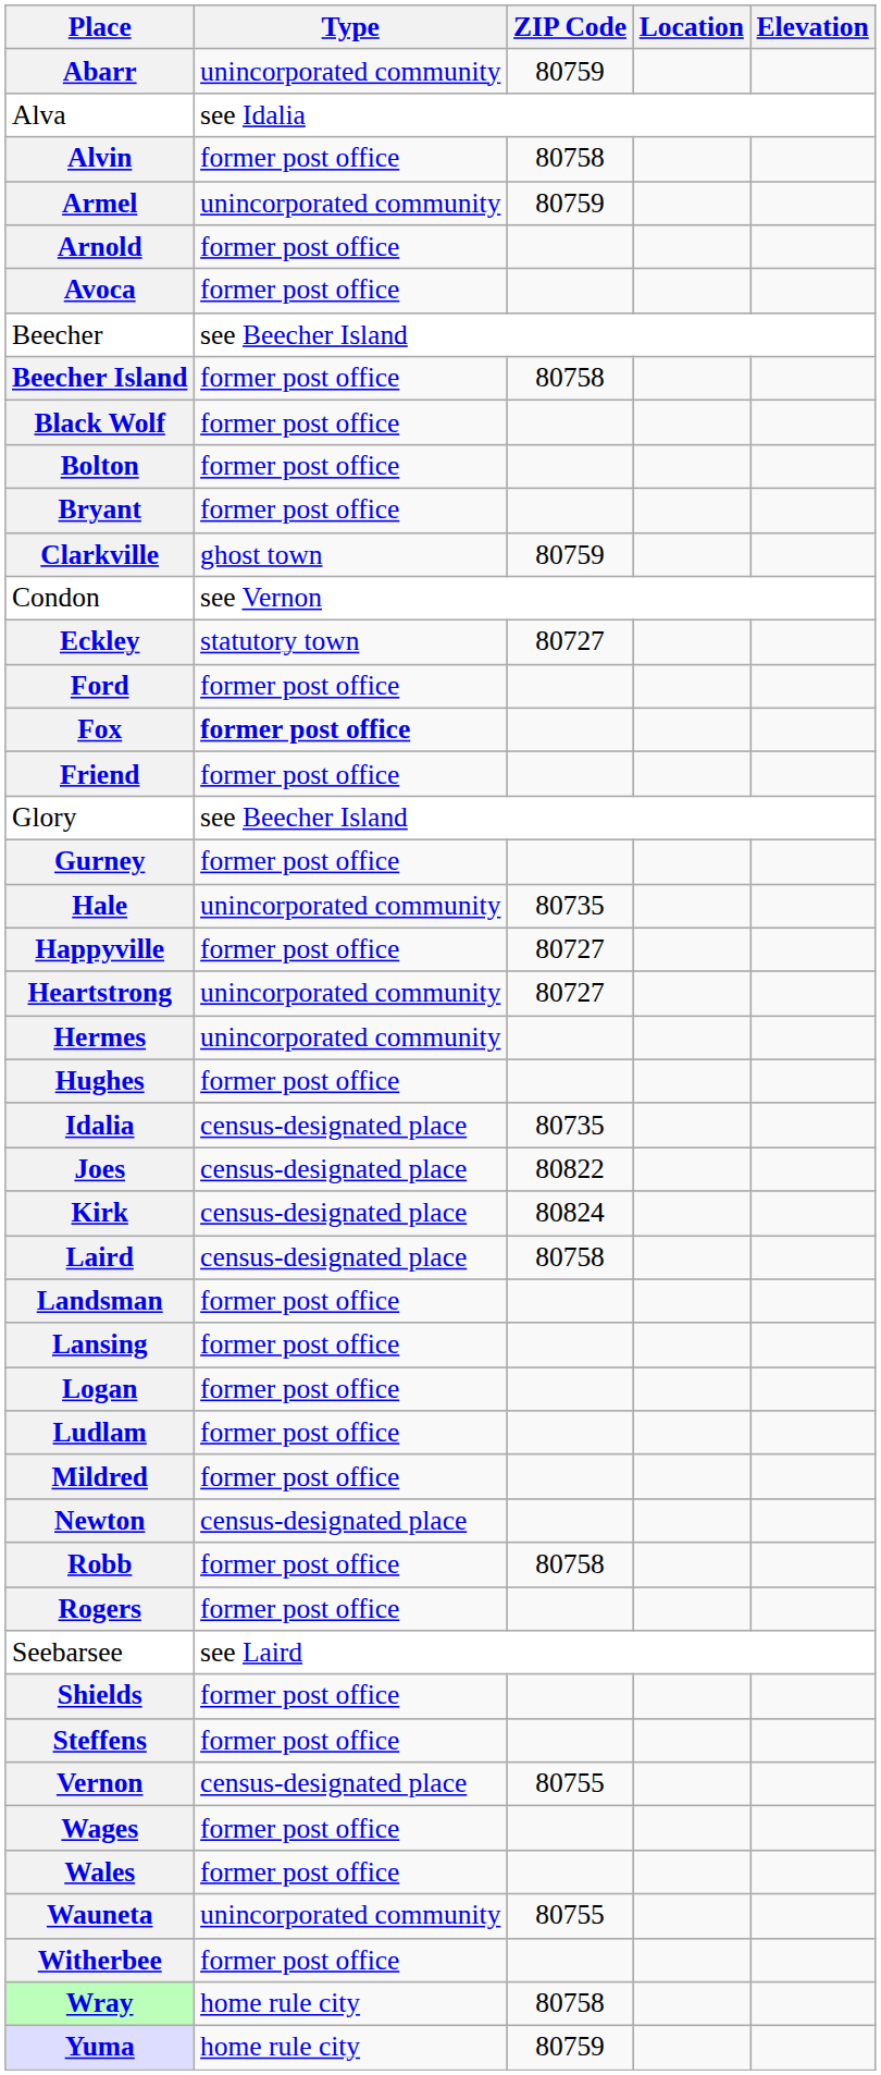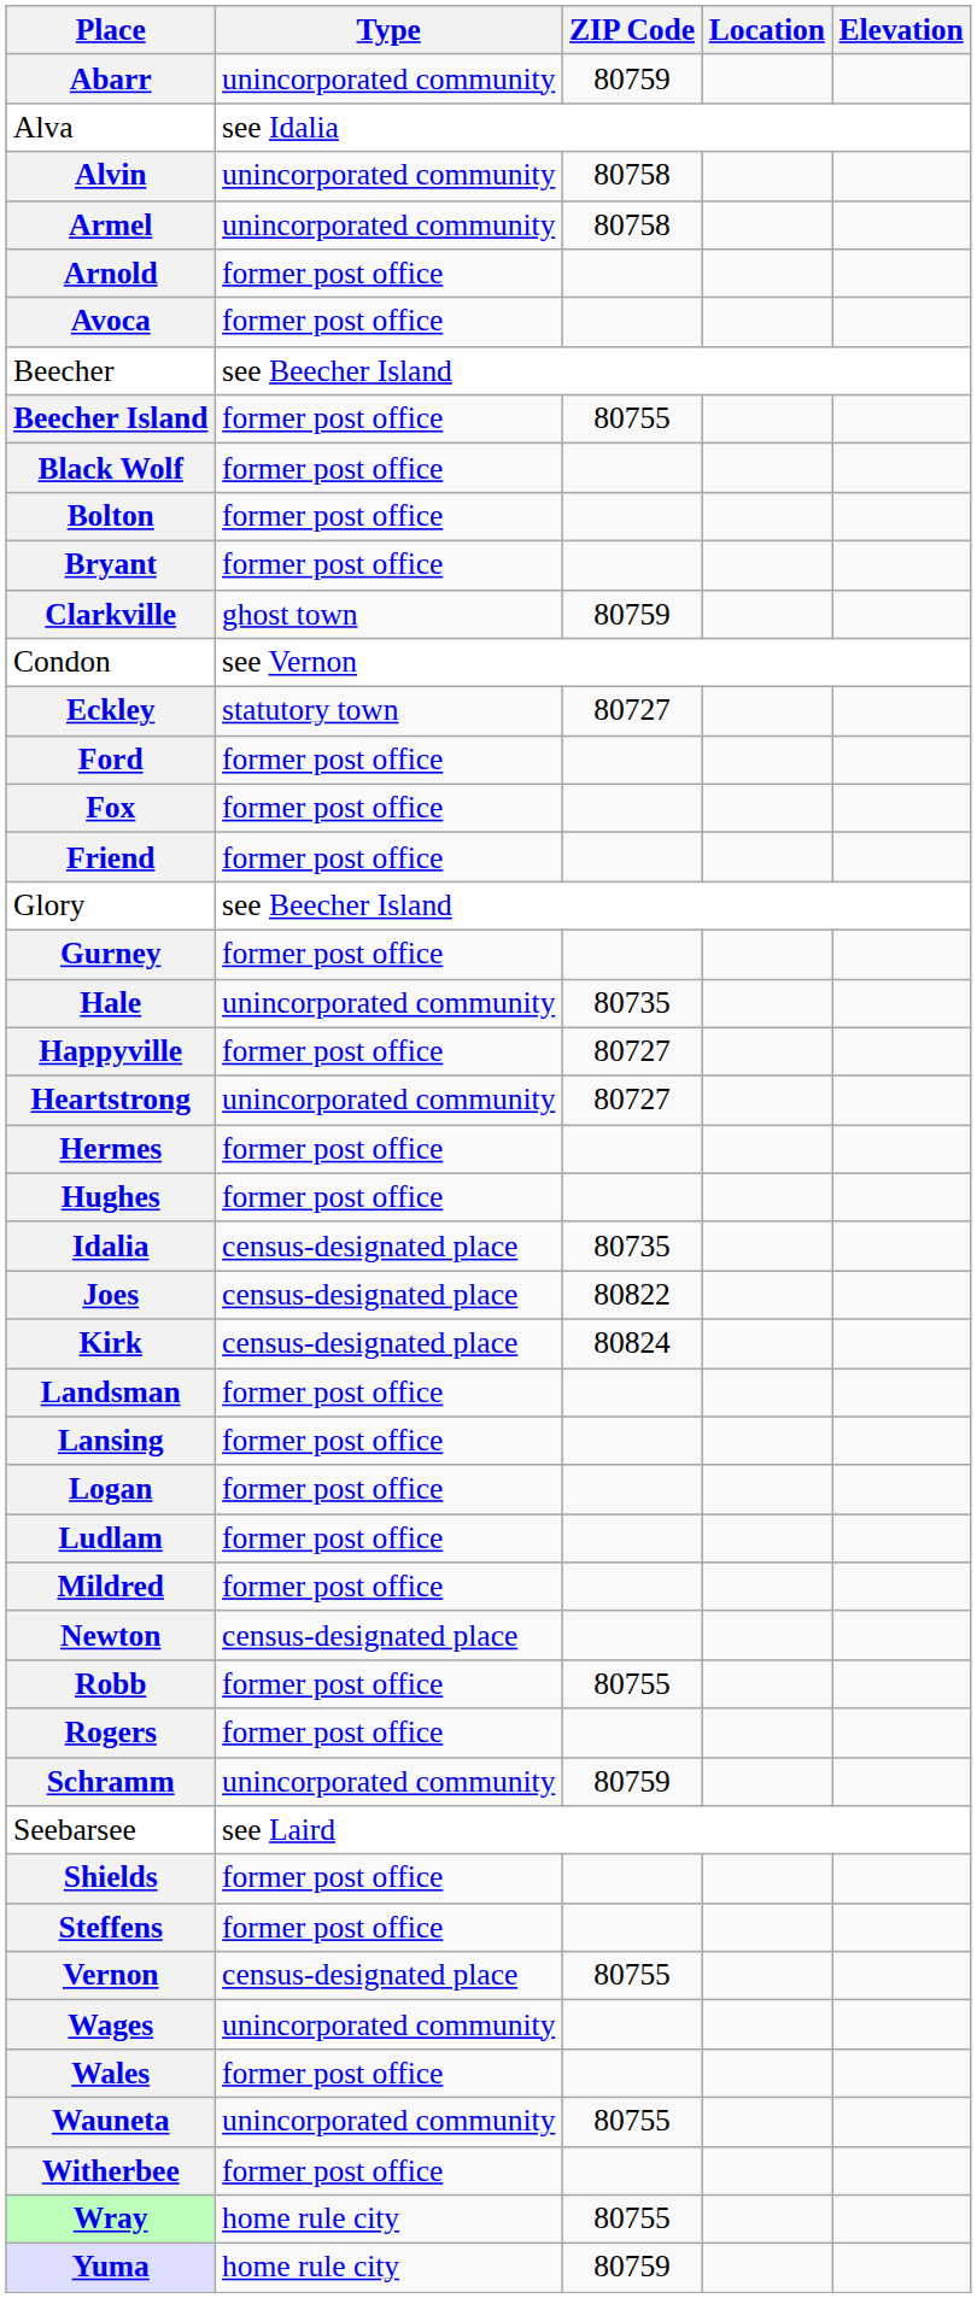 <table class="wikitable sortable  plainrowheaders" style="margin:auto;">
 <tr>
 <th scope=col><a href='#'>Place</a></th>
 <th scope=col><a href='#'>Type</a></th>
 <th scope=col><a href='#'>ZIP Code</a></th>
 <th scope=col><a href='#'>Location</a></th>
 <th scope=col><a href='#'>Elevation</a></th>
 </tr>
 <tr>
 <th scope=row><a href='#'>Abarr</a></th>
 <td><a href='#'>unincorporated community</a></td>
 <td align=center>80759</td>
 <td></td>
 <td align=right></td>
 </tr>
 <tr bgcolor=white>
 <td>Alva</td>
 <td colspan=4>see <a href='#'>Idalia</a></td>
 </tr>
 <tr>
 <th scope=row><a href='#'>Alvin</a></th>
-<td><a href='#'>former post office</a></td>
+<td><a href='#'>unincorporated community</a></td>
 <td align=center>80758</td>
 <td></td>
 <td align=right></td>
 </tr>
 <tr>
 <th scope=row><a href='#'>Armel</a></th>
 <td><a href='#'>unincorporated community</a></td>
-<td align=center>80759</td>
+<td align=center>80758</td>
 <td></td>
 <td align=right></td>
 </tr>
 <tr>
 <th scope=row><a href='#'>Arnold</a></th>
 <td><a href='#'>former post office</a></td>
 <td align=center></td>
 <td></td>
 <td></td>
 </tr>
 <tr>
 <th scope=row><a href='#'>Avoca</a></th>
 <td><a href='#'>former post office</a></td>
 <td align=center></td>
 <td></td>
 <td></td>
 </tr>
 <tr bgcolor=white>
 <td>Beecher</td>
 <td colspan=4>see <a href='#'>Beecher Island</a></td>
 </tr>
 <tr>
 <th scope=row><a href='#'>Beecher Island</a></th>
 <td><a href='#'>former post office</a></td>
-<td align=center>80758</td>
+<td align=center>80755</td>
 <td></td>
 <td align=right></td>
 </tr>
 <tr>
 <th scope=row><a href='#'>Black Wolf</a></th>
 <td><a href='#'>former post office</a></td>
 <td align=center></td>
 <td></td>
 <td></td>
 </tr>
 <tr>
 <th scope=row><a href='#'>Bolton</a></th>
 <td><a href='#'>former post office</a></td>
 <td align=center></td>
 <td></td>
 <td></td>
 </tr>
 <tr>
 <th scope=row><a href='#'>Bryant</a></th>
 <td><a href='#'>former post office</a></td>
 <td align=center></td>
 <td></td>
 <td></td>
 </tr>
 <tr>
 <th scope=row><a href='#'>Clarkville</a></th>
 <td><a href='#'>ghost town</a></td>
 <td align=center>80759</td>
 <td></td>
 <td align=right></td>
 </tr>
 <tr bgcolor=white>
 <td>Condon</td>
 <td colspan=4>see <a href='#'>Vernon</a></td>
 </tr>
 <tr>
 <th scope=row><a href='#'>Eckley</a></th>
 <td><a href='#'>statutory town</a></td>
 <td align=center>80727</td>
 <td></td>
 <td align=right></td>
 </tr>
 <tr>
 <th scope=row><a href='#'>Ford</a></th>
 <td><a href='#'>former post office</a></td>
 <td align=center></td>
 <td></td>
 <td></td>
 </tr>
 <tr>
 <th scope=row><a href='#'>Fox</a></th>
-<td><strong><a href='#'>former post office</a></strong></td>
+<td><a href='#'>former post office</a></td>
 <td align=center></td>
 <td></td>
 <td></td>
 </tr>
 <tr>
 <th scope=row><a href='#'>Friend</a></th>
 <td><a href='#'>former post office</a></td>
 <td align=center></td>
 <td></td>
 <td></td>
 </tr>
 <tr bgcolor=white>
 <td>Glory</td>
 <td colspan=4>see <a href='#'>Beecher Island</a></td>
 </tr>
 <tr>
 <th scope=row><a href='#'>Gurney</a></th>
 <td><a href='#'>former post office</a></td>
 <td align=center></td>
 <td></td>
 <td></td>
 </tr>
 <tr>
 <th scope=row><a href='#'>Hale</a></th>
 <td><a href='#'>unincorporated community</a></td>
 <td align=center>80735</td>
 <td></td>
 <td align=right></td>
 </tr>
 <tr>
 <th scope=row><a href='#'>Happyville</a></th>
 <td><a href='#'>former post office</a></td>
 <td align=center>80727</td>
 <td></td>
 <td></td>
 </tr>
 <tr>
 <th scope=row><a href='#'>Heartstrong</a></th>
 <td><a href='#'>unincorporated community</a></td>
 <td align=center>80727</td>
 <td></td>
 <td align=right></td>
 </tr>
 <tr>
 <th scope=row><a href='#'>Hermes</a></th>
-<td><a href='#'>unincorporated community</a></td>
+<td><a href='#'>former post office</a></td>
 <td align=center></td>
 <td></td>
 <td></td>
 </tr>
 <tr>
 <th scope=row><a href='#'>Hughes</a></th>
 <td><a href='#'>former post office</a></td>
 <td align=center></td>
 <td></td>
 <td></td>
 </tr>
 <tr>
 <th scope=row><a href='#'>Idalia</a></th>
 <td><a href='#'>census-designated place</a></td>
 <td align=center>80735</td>
 <td></td>
 <td align=right></td>
 </tr>
 <tr>
 <th scope=row><a href='#'>Joes</a></th>
 <td><a href='#'>census-designated place</a></td>
 <td align=center>80822</td>
 <td></td>
 <td align=right></td>
 </tr>
 <tr>
 <th scope=row><a href='#'>Kirk</a></th>
 <td><a href='#'>census-designated place</a></td>
 <td align=center>80824</td>
-<td></td>
-<td align=right></td>
-</tr>
-<tr>
-<th scope=row><a href='#'>Laird</a></th>
-<td><a href='#'>census-designated place</a></td>
-<td align=center>80758</td>
 <td></td>
 <td align=right></td>
 </tr>
 <tr>
 <th scope=row><a href='#'>Landsman</a></th>
 <td><a href='#'>former post office</a></td>
 <td align=center></td>
 <td></td>
 <td></td>
 </tr>
 <tr>
 <th scope=row><a href='#'>Lansing</a></th>
 <td><a href='#'>former post office</a></td>
 <td align=center></td>
 <td></td>
 <td></td>
 </tr>
 <tr>
 <th scope=row><a href='#'>Logan</a></th>
 <td><a href='#'>former post office</a></td>
 <td align=center></td>
 <td></td>
 <td></td>
 </tr>
 <tr>
 <th scope=row><a href='#'>Ludlam</a></th>
 <td><a href='#'>former post office</a></td>
 <td align=center></td>
 <td></td>
 <td></td>
 </tr>
 <tr>
 <th scope=row><a href='#'>Mildred</a></th>
 <td><a href='#'>former post office</a></td>
 <td align=center></td>
 <td></td>
 <td></td>
 </tr>
 <tr>
 <th scope=row><a href='#'>Newton</a></th>
 <td><a href='#'>census-designated place</a></td>
 <td align=center></td>
 <td></td>
 <td></td>
 </tr>
 <tr>
 <th scope=row><a href='#'>Robb</a></th>
 <td><a href='#'>former post office</a></td>
-<td align=center>80758</td>
+<td align=center>80755</td>
 <td></td>
 <td align=right></td>
 </tr>
 <tr>
 <th scope=row><a href='#'>Rogers</a></th>
 <td><a href='#'>former post office</a></td>
 <td align=center></td>
 <td></td>
 <td></td>
+</tr>
+<tr>
+<th scope=row><a href='#'>Schramm</a></th>
+<td><a href='#'>unincorporated community</a></td>
+<td align=center>80759</td>
+<td></td>
+<td align=right></td>
 </tr>
 <tr bgcolor=white>
 <td>Seebarsee</td>
 <td colspan=4>see <a href='#'>Laird</a></td>
 </tr>
 <tr>
 <th scope=row><a href='#'>Shields</a></th>
 <td><a href='#'>former post office</a></td>
 <td align=center></td>
 <td></td>
 <td></td>
 </tr>
 <tr>
 <th scope=row><a href='#'>Steffens</a></th>
 <td><a href='#'>former post office</a></td>
 <td align=center></td>
 <td></td>
 <td></td>
 </tr>
 <tr>
 <th scope=row><a href='#'>Vernon</a></th>
 <td><a href='#'>census-designated place</a></td>
 <td align=center>80755</td>
 <td></td>
 <td align=right></td>
 </tr>
 <tr>
 <th scope=row><a href='#'>Wages</a></th>
-<td><a href='#'>former post office</a></td>
+<td><a href='#'>unincorporated community</a></td>
 <td align=center></td>
 <td></td>
 <td></td>
 </tr>
 <tr>
 <th scope=row><a href='#'>Wales</a></th>
 <td><a href='#'>former post office</a></td>
 <td align=center></td>
 <td></td>
 <td></td>
 </tr>
 <tr>
 <th scope=row><a href='#'>Wauneta</a></th>
 <td><a href='#'>unincorporated community</a></td>
 <td align=center>80755</td>
 <td></td>
 <td align=right></td>
 </tr>
 <tr>
 <th scope=row><a href='#'>Witherbee</a></th>
 <td><a href='#'>former post office</a></td>
 <td align=center></td>
 <td></td>
 <td></td>
 </tr>
 <tr>
 <th scope=row style="background:#BBFFBB;"><a href='#'>Wray</a></th>
 <td><a href='#'>home rule city</a></td>
-<td align=center>80758</td>
+<td align=center>80755</td>
 <td></td>
 <td align=right></td>
 </tr>
 <tr>
 <th scope=row style="background:#DDDDFF;"><a href='#'>Yuma</a></th>
 <td><a href='#'>home rule city</a></td>
 <td align=center>80759</td>
 <td></td>
 <td align=right></td>
 </tr>
 </table>
